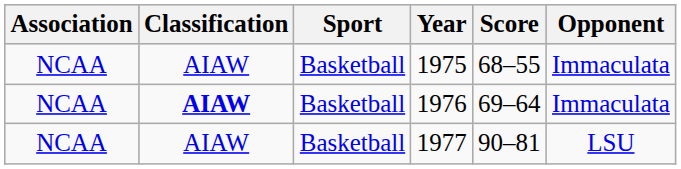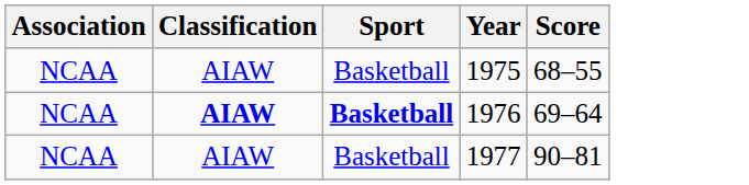 <table class="wikitable" style="text-align:center">
 <tr>
 <th>Association</th>
 <th>Classification</th>
 <th>Sport</th>
 <th>Year</th>
 <th>Score</th>
-<th>Opponent</th>
 </tr>
 <tr style="text-align:center;">
 <td><a href='#'>NCAA</a></td>
 <td><a href='#'>AIAW</a></td>
 <td><a href='#'>Basketball</a></td>
 <td>1975</td>
 <td>68–55</td>
-<td><a href='#'>Immaculata</a></td>
 </tr>
 <tr align="center">
 <td><a href='#'>NCAA</a></td>
 <td><strong><a href='#'>AIAW</a></strong></td>
-<td><a href='#'>Basketball</a></td>
+<td><strong><a href='#'>Basketball</a></strong></td>
 <td>1976</td>
 <td>69–64</td>
-<td><a href='#'>Immaculata</a></td>
 </tr>
 <tr style="text-align:center;">
 <td><a href='#'>NCAA</a></td>
 <td><a href='#'>AIAW</a></td>
 <td><a href='#'>Basketball</a></td>
 <td>1977</td>
 <td>90–81</td>
-<td><a href='#'>LSU</a></td>
 </tr>
 </table>
